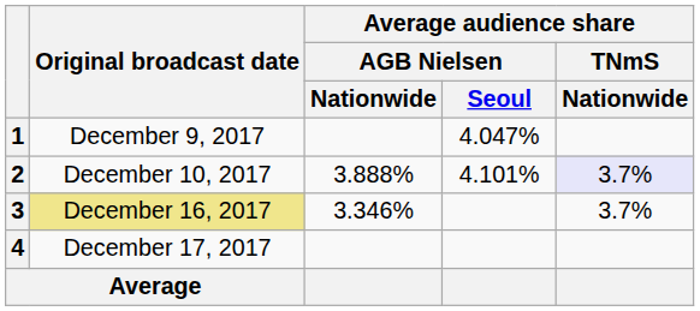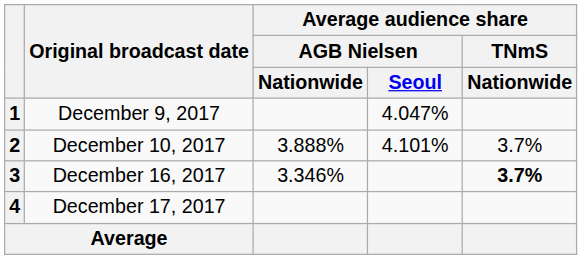 <table class="wikitable" style="text-align:center">
 <tr>
 <th rowspan="3"></th>
 <th rowspan="3">Original broadcast date</th>
 <th colspan="3">Average audience share</th>
 </tr>
 <tr>
 <th colspan="2">AGB Nielsen</th>
 <th>TNmS</th>
 </tr>
 <tr>
 <th width="70">Nationwide</th>
 <th width="70"><a href='#'>Seoul</a></th>
 <th width="70">Nationwide</th>
 </tr>
 <tr>
 <th>1</th>
 <td>December 9, 2017</td>
 <td></td>
 <td>4.047%</td>
 <td></td>
 </tr>
 <tr>
 <th>2</th>
 <td>December 10, 2017</td>
 <td>3.888%</td>
 <td>4.101%</td>
-<td style="background: lavender;">3.7%</td>
+<td>3.7%</td>
 </tr>
 <tr>
 <th>3</th>
-<td style="background: khaki;">December 16, 2017</td>
+<td>December 16, 2017</td>
 <td>3.346%</td>
 <td></td>
-<td>3.7%</td>
+<td><strong>3.7%</strong></td>
 </tr>
 <tr>
 <th>4</th>
 <td>December 17, 2017</td>
 <td></td>
 <td></td>
 <td></td>
 </tr>
 <tr>
 <th colspan="2">Average</th>
 <th></th>
 <th></th>
 <th></th>
 </tr>
 </table>
